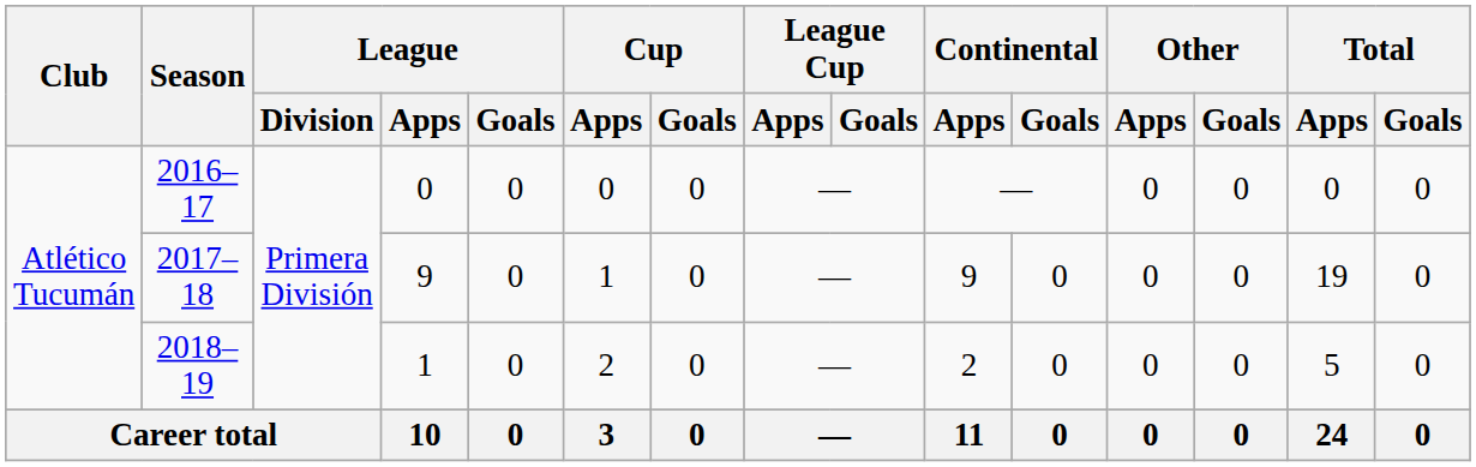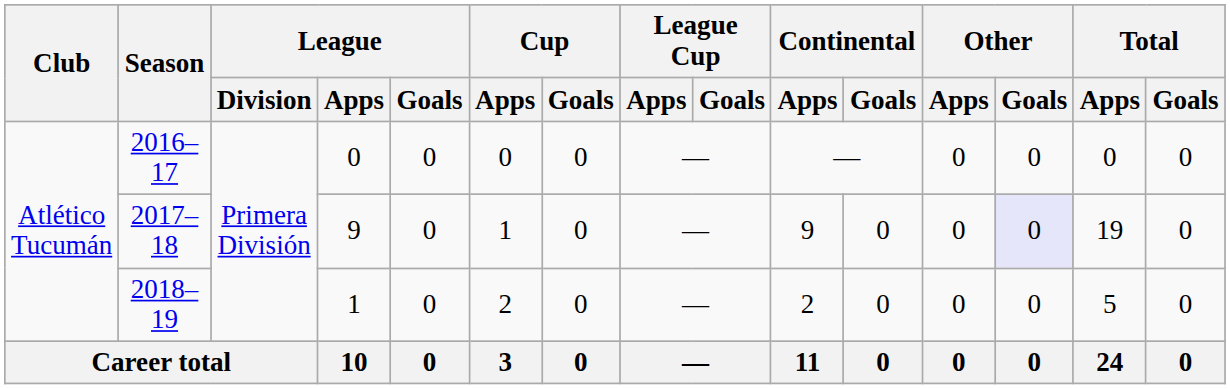 <table class="wikitable" style="text-align:center">
 <tr>
 <th rowspan="2">Club</th>
 <th rowspan="2">Season</th>
 <th colspan="3">League</th>
 <th colspan="2">Cup</th>
 <th colspan="2">League Cup</th>
 <th colspan="2">Continental</th>
 <th colspan="2">Other</th>
 <th colspan="2">Total</th>
 </tr>
 <tr>
 <th>Division</th>
 <th>Apps</th>
 <th>Goals</th>
 <th>Apps</th>
 <th>Goals</th>
 <th>Apps</th>
 <th>Goals</th>
 <th>Apps</th>
 <th>Goals</th>
 <th>Apps</th>
 <th>Goals</th>
 <th>Apps</th>
 <th>Goals</th>
 </tr>
 <tr>
 <td rowspan="3"><a href='#'>Atlético Tucumán</a></td>
 <td><a href='#'>2016–17</a></td>
 <td rowspan="3"><a href='#'>Primera División</a></td>
 <td>0</td>
 <td>0</td>
 <td>0</td>
 <td>0</td>
 <td colspan="2">—</td>
 <td colspan="2">—</td>
 <td>0</td>
 <td>0</td>
 <td>0</td>
 <td>0</td>
 </tr>
 <tr>
 <td><a href='#'>2017–18</a></td>
 <td>9</td>
 <td>0</td>
 <td>1</td>
 <td>0</td>
 <td colspan="2">—</td>
 <td>9</td>
 <td>0</td>
 <td>0</td>
-<td>0</td>
+<td style="background: lavender;">0</td>
 <td>19</td>
 <td>0</td>
 </tr>
 <tr>
 <td><a href='#'>2018–19</a></td>
 <td>1</td>
 <td>0</td>
 <td>2</td>
 <td>0</td>
 <td colspan="2">—</td>
 <td>2</td>
 <td>0</td>
 <td>0</td>
 <td>0</td>
 <td>5</td>
 <td>0</td>
 </tr>
 <tr>
 <th colspan="3">Career total</th>
 <th>10</th>
 <th>0</th>
 <th>3</th>
 <th>0</th>
 <th colspan="2">—</th>
 <th>11</th>
 <th>0</th>
 <th>0</th>
 <th>0</th>
 <th>24</th>
 <th>0</th>
 </tr>
 </table>
